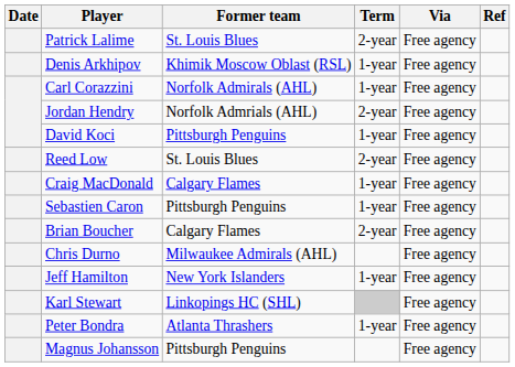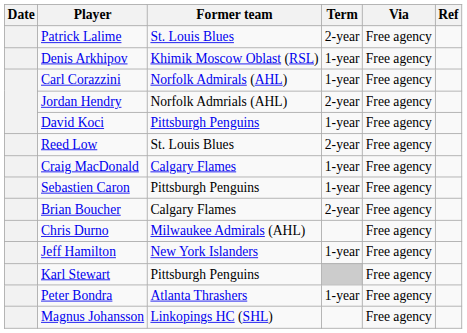 <table class="wikitable plainrowheaders">
 <tr style="background:#ddd; text-align:center;">
 <th>Date</th>
 <th>Player</th>
 <th>Former team</th>
 <th>Term</th>
 <th>Via</th>
 <th>Ref</th>
 </tr>
 <tr>
 <th scope="row"></th>
 <td><a href='#'>Patrick Lalime</a></td>
 <td><a href='#'>St. Louis Blues</a></td>
 <td>2-year</td>
 <td>Free agency</td>
 <td></td>
 </tr>
 <tr>
 <th scope="row"></th>
 <td><a href='#'>Denis Arkhipov</a></td>
 <td><a href='#'>Khimik Moscow Oblast</a> (<a href='#'>RSL</a>)</td>
 <td>1-year</td>
 <td>Free agency</td>
 <td></td>
 </tr>
 <tr>
 <th scope="row" rowspan=3></th>
 <td><a href='#'>Carl Corazzini</a></td>
 <td><a href='#'>Norfolk Admirals</a> (<a href='#'>AHL</a>)</td>
 <td>1-year</td>
 <td>Free agency</td>
 <td></td>
 </tr>
 <tr>
 <td><a href='#'>Jordan Hendry</a></td>
 <td>Norfolk Admrials (AHL)</td>
 <td>2-year</td>
 <td>Free agency</td>
 <td></td>
 </tr>
 <tr>
 <td><a href='#'>David Koci</a></td>
 <td><a href='#'>Pittsburgh Penguins</a></td>
 <td>1-year</td>
 <td>Free agency</td>
 <td></td>
 </tr>
 <tr>
 <th scope="row"></th>
 <td><a href='#'>Reed Low</a></td>
 <td>St. Louis Blues</td>
 <td>2-year</td>
 <td>Free agency</td>
 <td></td>
 </tr>
 <tr>
 <th scope="row"></th>
 <td><a href='#'>Craig MacDonald</a></td>
 <td><a href='#'>Calgary Flames</a></td>
 <td>1-year</td>
 <td>Free agency</td>
 <td></td>
 </tr>
 <tr>
 <th scope="row"></th>
 <td><a href='#'>Sebastien Caron</a></td>
 <td>Pittsburgh Penguins</td>
 <td>1-year</td>
 <td>Free agency</td>
 <td></td>
 </tr>
 <tr>
 <th scope="row"></th>
 <td><a href='#'>Brian Boucher</a></td>
 <td>Calgary Flames</td>
 <td>2-year</td>
 <td>Free agency</td>
 <td></td>
 </tr>
 <tr>
 <th scope="row"></th>
 <td><a href='#'>Chris Durno</a></td>
 <td><a href='#'>Milwaukee Admirals</a> (AHL)</td>
 <td></td>
 <td>Free agency</td>
 <td></td>
 </tr>
 <tr>
 <th scope="row"></th>
 <td><a href='#'>Jeff Hamilton</a></td>
 <td><a href='#'>New York Islanders</a></td>
 <td>1-year</td>
 <td>Free agency</td>
 <td></td>
 </tr>
 <tr>
 <th scope="row"></th>
 <td><a href='#'>Karl Stewart</a></td>
-<td><a href='#'>Linkopings HC</a> (<a href='#'>SHL</a>)</td>
+<td>Pittsburgh Penguins</td>
 <td style="background:#ccc"></td>
 <td>Free agency</td>
 <td></td>
 </tr>
 <tr>
 <th scope="row"></th>
 <td><a href='#'>Peter Bondra</a></td>
 <td><a href='#'>Atlanta Thrashers</a></td>
 <td>1-year</td>
 <td>Free agency</td>
 <td></td>
 </tr>
 <tr>
 <th scope="row"></th>
 <td><a href='#'>Magnus Johansson</a></td>
-<td>Pittsburgh Penguins</td>
+<td><a href='#'>Linkopings HC</a> (<a href='#'>SHL</a>)</td>
 <td></td>
 <td>Free agency</td>
 <td></td>
 </tr>
 </table>
